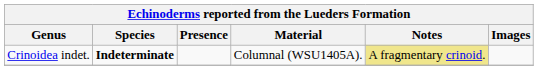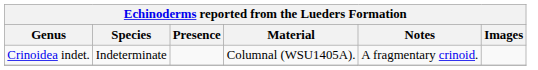 <table class="wikitable" align="center">
 <tr>
 <th colspan="6" align="center"><strong><a href='#'>Echinoderms</a> reported from the Lueders Formation</strong></th>
 </tr>
 <tr>
 <th>Genus</th>
 <th>Species</th>
 <th>Presence</th>
 <th><strong>Material</strong></th>
 <th>Notes</th>
 <th>Images</th>
 </tr>
 <tr>
 <td><a href='#'>Crinoidea</a> indet.</td>
-<td><strong>Indeterminate</strong></td>
+<td>Indeterminate</td>
 <td></td>
 <td>Columnal (WSU1405A).</td>
-<td style="background: khaki;">A fragmentary <a href='#'>crinoid</a>.</td>
+<td>A fragmentary <a href='#'>crinoid</a>.</td>
 <td></td>
 </tr>
 <tr>
 </tr>
 </table>
